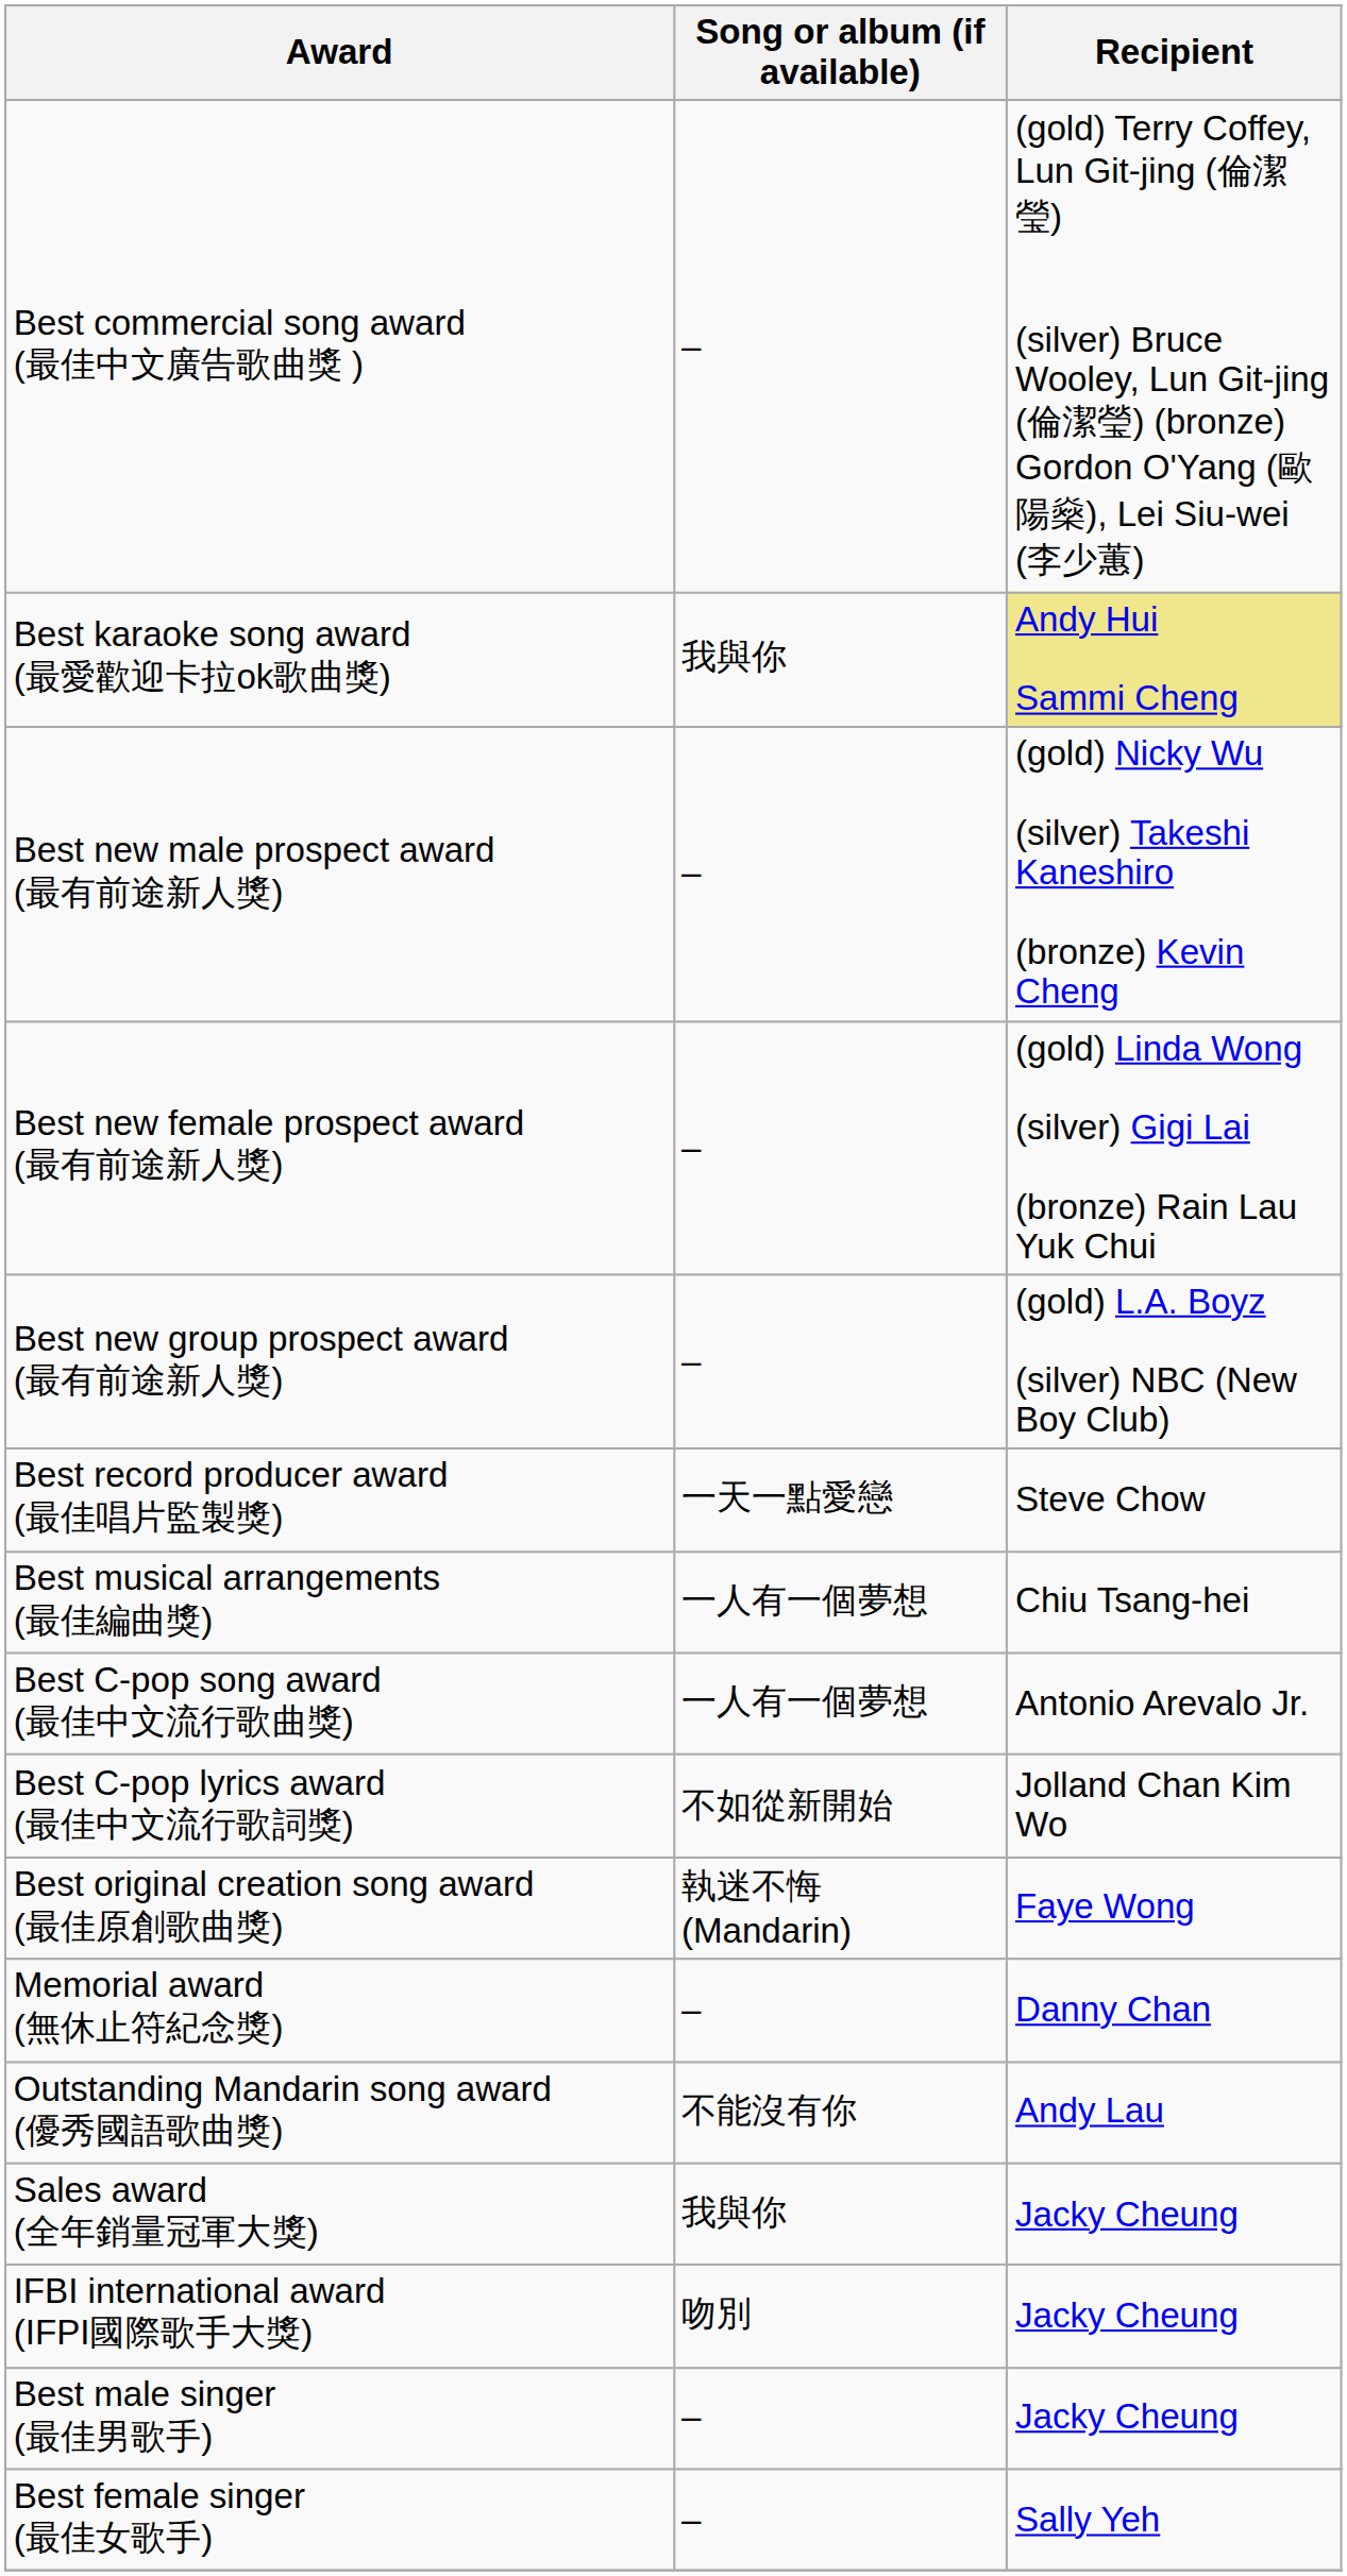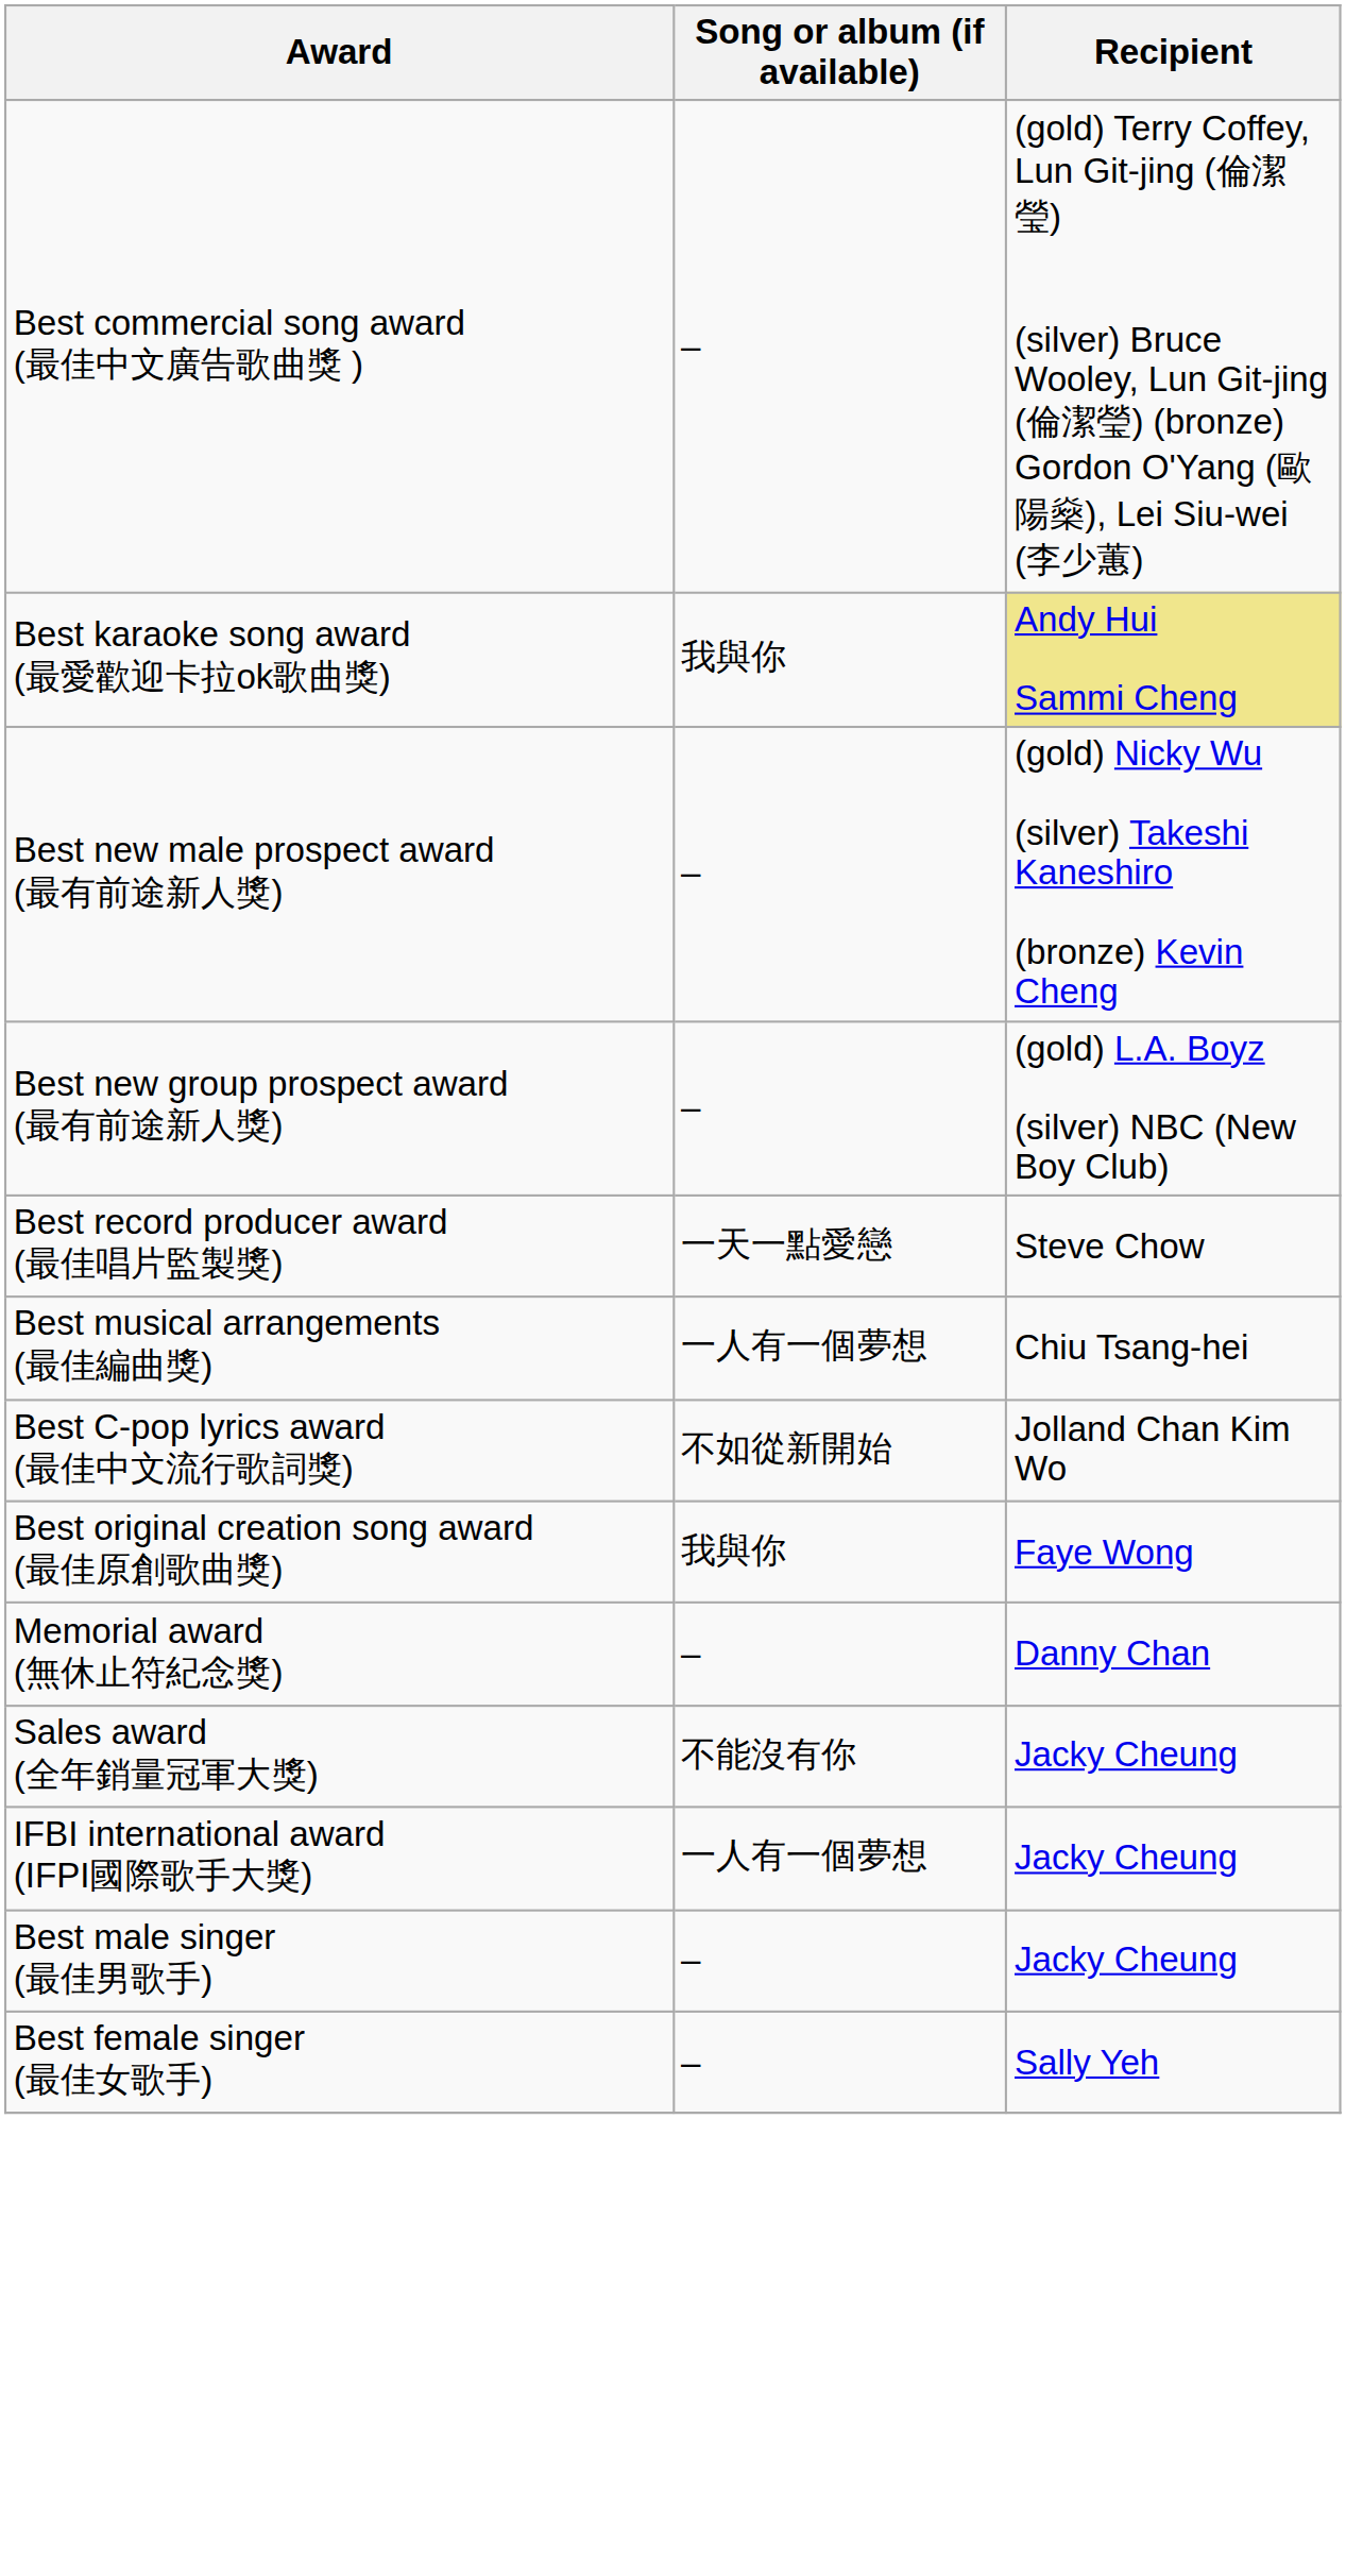 <table class="wikitable">
 <tr>
 <th width=40%>Award</th>
 <th width=20%>Song or album (if available)</th>
 <th width=20%>Recipient</th>
 </tr>
 <tr>
 <td>Best commercial song award<br>(最佳中文廣告歌曲獎 )</td>
 <td>–</td>
 <td>(gold) Terry Coffey, Lun Git-jing (倫潔瑩)<br><br><br>(silver) Bruce Wooley, Lun Git-jing (倫潔瑩) (bronze) Gordon O'Yang (歐陽燊), Lei Siu-wei (李少蕙)</td>
 </tr>
 <tr>
 <td>Best karaoke song award<br>(最愛歡迎卡拉ok歌曲獎)</td>
 <td>我與你</td>
 <td style="background: khaki;"><a href='#'>Andy Hui</a><br><br><a href='#'>Sammi Cheng</a></td>
 </tr>
 <tr>
 <td>Best new male prospect award<br>(最有前途新人獎)</td>
 <td>–</td>
 <td>(gold) <a href='#'>Nicky Wu</a><br><br>(silver) <a href='#'>Takeshi Kaneshiro</a><br><br>(bronze) <a href='#'>Kevin Cheng</a></td>
 </tr>
 <tr>
-<td>Best new female prospect award<br>(最有前途新人獎)</td>
-<td>–</td>
-<td>(gold) <a href='#'>Linda Wong</a><br><br>(silver) <a href='#'>Gigi Lai</a><br><br>(bronze) Rain Lau Yuk Chui</td>
-</tr>
-<tr>
 <td>Best new group prospect award<br>(最有前途新人獎)</td>
 <td>–</td>
 <td>(gold) <a href='#'>L.A. Boyz</a><br><br>(silver) NBC (New Boy Club)</td>
 </tr>
 <tr>
 <td>Best record producer award<br>(最佳唱片監製獎)</td>
 <td>一天一點愛戀</td>
 <td>Steve Chow</td>
 </tr>
 <tr>
 <td>Best musical arrangements<br>(最佳編曲獎)</td>
 <td>一人有一個夢想</td>
 <td>Chiu Tsang-hei</td>
 </tr>
 <tr>
-<td>Best C-pop song award<br>(最佳中文流行歌曲獎)</td>
-<td>一人有一個夢想</td>
-<td>Antonio Arevalo Jr.</td>
-</tr>
-<tr>
 <td>Best C-pop lyrics award<br>(最佳中文流行歌詞獎)</td>
 <td>不如從新開始</td>
 <td>Jolland Chan Kim Wo</td>
 </tr>
 <tr>
 <td>Best original creation song award<br>(最佳原創歌曲獎)</td>
-<td>執迷不悔 (Mandarin)</td>
+<td>我與你</td>
 <td><a href='#'>Faye Wong</a></td>
 </tr>
 <tr>
 <td>Memorial award<br>(無休止符紀念獎)</td>
 <td>–</td>
 <td><a href='#'>Danny Chan</a></td>
 </tr>
 <tr>
-<td>Outstanding Mandarin song award<br>(優秀國語歌曲獎)</td>
+<td>Sales award<br>(全年銷量冠軍大獎)</td>
 <td>不能沒有你</td>
-<td><a href='#'>Andy Lau</a></td>
-</tr>
-<tr>
-<td>Sales award<br>(全年銷量冠軍大獎)</td>
-<td>我與你</td>
 <td><a href='#'>Jacky Cheung</a></td>
 </tr>
 <tr>
 <td>IFBI international award<br>(IFPI國際歌手大獎)</td>
-<td>吻別</td>
+<td>一人有一個夢想</td>
 <td><a href='#'>Jacky Cheung</a></td>
 </tr>
 <tr>
 <td>Best male singer<br>(最佳男歌手)</td>
 <td>–</td>
 <td><a href='#'>Jacky Cheung</a></td>
 </tr>
 <tr>
 <td>Best female singer<br>(最佳女歌手)</td>
 <td>–</td>
 <td><a href='#'>Sally Yeh</a></td>
 </tr>
 <tr>
 </tr>
 </table>
